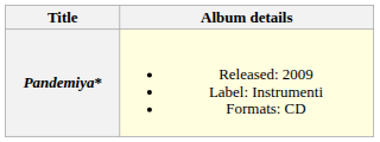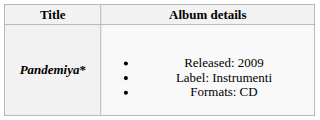 <table class="wikitable plainrowheaders" style="text-align:center;">
 <tr>
 <th scope="col" style="width:7em;">Title</th>
 <th scope="col" style="width:16em;">Album details</th>
 </tr>
 <tr>
 <th scope="row"><em>Pandemiya</em>*</th>
-<td style="background: lightyellow;"><br><ul><li>Released: 2009</li><li>Label: Instrumenti</li><li>Formats: CD</li></ul></td>
+<td><br><ul><li>Released: 2009</li><li>Label: Instrumenti</li><li>Formats: CD</li></ul></td>
 </tr>
 </table>
